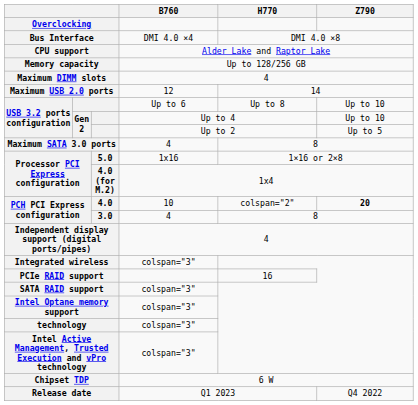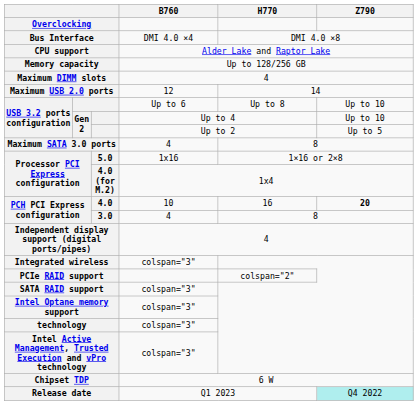 <table class="wikitable sticky-header" style="text-align: center; max-width: 50em;">
 <tr>
 <th colspan="3" scope="col" width="25%"></th>
 <th scope="col" width="25%">B760</th>
 <th scope="col" width="25%">H770</th>
 <th scope="col" width="25%">Z790</th>
 </tr>
 <tr>
 <th colspan="3"><a href='#'>Overclocking</a></th>
 <td></td>
 <td></td>
 <td></td>
 </tr>
 <tr>
 <th colspan="3">Bus Interface</th>
 <td>DMI 4.0 ×4</td>
 <td colspan="2">DMI 4.0 ×8</td>
 </tr>
 <tr>
 <th colspan="3">CPU support</th>
 <td colspan="3"><a href='#'>Alder Lake</a> and <a href='#'>Raptor Lake</a></td>
 </tr>
 <tr>
 <th colspan="3">Memory capacity</th>
 <td colspan="3">Up to 128/256 GB</td>
 </tr>
 <tr>
 <th colspan="3">Maximum <a href='#'>DIMM</a> slots</th>
 <td colspan="3">4</td>
 </tr>
 <tr>
 <th colspan="3">Maximum <a href='#'>USB 2.0</a> ports</th>
 <td>12</td>
 <td colspan="2">14</td>
 </tr>
 <tr>
 <th rowspan="3"><a href='#'>USB 3.2</a> ports configuration</th>
 <th colspan="2"></th>
 <td>Up to 6</td>
 <td>Up to 8</td>
 <td>Up to 10</td>
 </tr>
 <tr>
 <th rowspan="2">Gen 2</th>
 <th></th>
 <td colspan="2">Up to 4</td>
 <td>Up to 10</td>
 </tr>
 <tr>
 <th></th>
 <td colspan="2">Up to 2</td>
 <td>Up to 5</td>
 </tr>
 <tr>
 <th colspan="3">Maximum <a href='#'>SATA</a> 3.0 ports</th>
 <td>4</td>
 <td colspan="2">8</td>
 </tr>
 <tr>
 <th rowspan="2" colspan="2">Processor <a href='#'>PCI Express</a> configuration</th>
 <th>5.0</th>
 <td>1x16</td>
 <td colspan="2">1×16 or 2×8</td>
 </tr>
 <tr>
 <th>4.0 (for M.2)</th>
 <td colspan="3">1x4</td>
 </tr>
 <tr>
 <th rowspan="2" colspan="2"><a href='#'>PCH</a> PCI Express configuration</th>
 <th>4.0</th>
 <td>10</td>
-<td>colspan="2" </td>
+<td>16</td>
 <td><strong>20</strong></td>
 </tr>
 <tr>
 <th>3.0</th>
 <td>4</td>
 <td colspan="2">8</td>
 </tr>
 <tr>
 <th colspan="3">Independent display support (digital ports/pipes)</th>
 <td colspan="3">4</td>
 </tr>
 <tr>
 <th colspan="3">Integrated wireless</th>
 <td>colspan="3" </td>
 </tr>
 <tr>
 <th colspan="3">PCIe <a href='#'>RAID</a> support</th>
 <td></td>
-<td>16</td>
+<td>colspan="2" </td>
 </tr>
 <tr>
 <th colspan="3">SATA <a href='#'>RAID</a> support</th>
 <td>colspan="3" </td>
 </tr>
 <tr>
 <th colspan="3"><a href='#'>Intel Optane memory</a> support</th>
 <td>colspan="3" </td>
 </tr>
 <tr>
 <th colspan="3"> technology</th>
 <td>colspan="3" </td>
 </tr>
 <tr>
 <th colspan="3">Intel <a href='#'>Active Management</a>, <a href='#'>Trusted Execution</a> and <a href='#'>vPro</a> technology</th>
 <td>colspan="3" </td>
 </tr>
 <tr>
 <th colspan="3">Chipset <a href='#'>TDP</a></th>
 <td colspan="3">6 W</td>
 </tr>
 <tr>
 <th colspan="3">Release date</th>
 <td colspan="2">Q1 2023</td>
-<td>Q4 2022</td>
+<td style="background: paleturquoise;">Q4 2022</td>
 </tr>
 </table>
